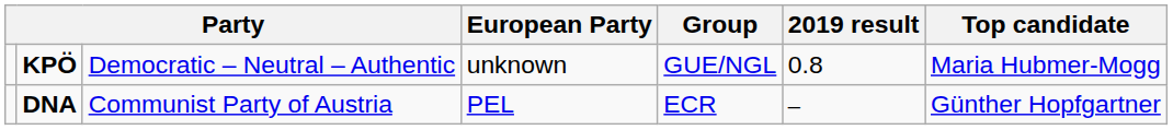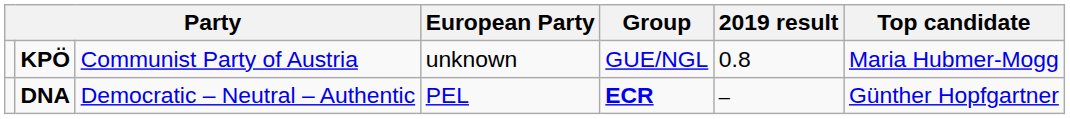 <table class="wikitable">
 <tr>
 <th colspan="3">Party</th>
 <th>European Party</th>
 <th>Group</th>
 <th>2019 result</th>
 <th>Top candidate</th>
 </tr>
 <tr>
 <td style="background:"></td>
 <td><strong>KPÖ</strong></td>
-<td><a href='#'>Democratic – Neutral – Authentic</a></td>
+<td><a href='#'>Communist Party of Austria</a></td>
 <td>unknown</td>
 <td><a href='#'>GUE/NGL</a></td>
 <td>0.8</td>
 <td><a href='#'>Maria Hubmer-Mogg</a></td>
 </tr>
 <tr>
 <td style="background:"></td>
 <td><strong>DNA</strong></td>
-<td><a href='#'>Communist Party of Austria</a></td>
+<td><a href='#'>Democratic – Neutral – Authentic</a></td>
 <td><a href='#'>PEL</a></td>
-<td><a href='#'>ECR</a></td>
+<td><strong><a href='#'>ECR</a></strong></td>
 <td><code>—</code></td>
 <td><a href='#'>Günther Hopfgartner</a></td>
 </tr>
 </table>
